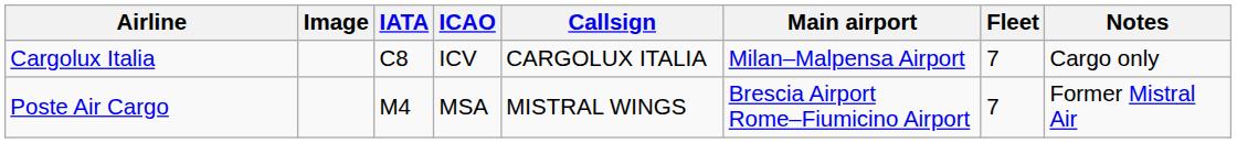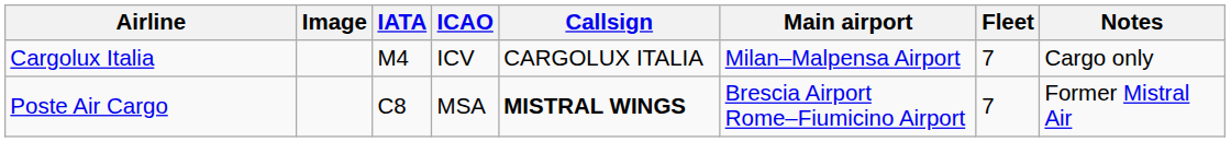 <table class="wikitable sortable" style="border: 0; cellpadding: 2; cellspacing: 3;">
 <tr valign="middle">
 <th style="width:200px;">Airline</th>
 <th>Image</th>
 <th><a href='#'> IATA</a></th>
 <th><a href='#'> ICAO</a></th>
 <th ! style="width:150px;"><a href='#'>Callsign</a></th>
 <th style="width:175px;">Main airport</th>
 <th>Fleet</th>
 <th>Notes</th>
 </tr>
 <tr>
 <td><a href='#'>Cargolux Italia</a></td>
 <td></td>
-<td>C8</td>
+<td>M4</td>
 <td>ICV</td>
 <td>CARGOLUX ITALIA</td>
 <td><a href='#'>Milan–Malpensa Airport</a></td>
 <td>7</td>
 <td>Cargo only</td>
 </tr>
 <tr>
 <td><a href='#'>Poste Air Cargo</a></td>
 <td></td>
-<td>M4</td>
+<td>C8</td>
 <td>MSA</td>
-<td>MISTRAL WINGS</td>
+<td><strong>MISTRAL WINGS</strong></td>
 <td><a href='#'>Brescia Airport</a><br><a href='#'>Rome–Fiumicino Airport</a></td>
 <td>7</td>
 <td>Former <a href='#'>Mistral Air</a></td>
 </tr>
 </table>
